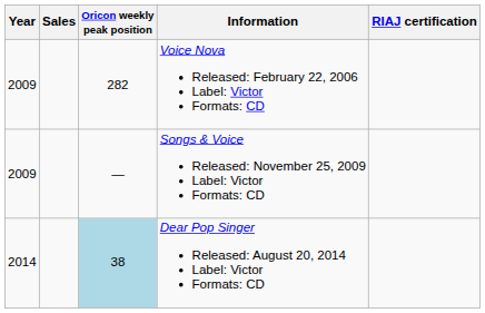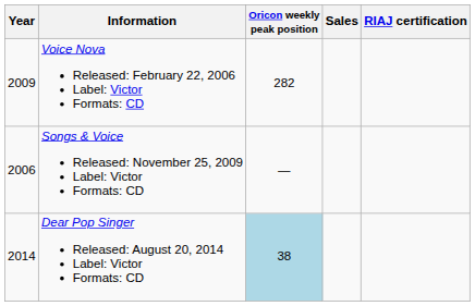 <table class="wikitable">
 <tr>
 <th>Year</th>
+<th>Information</th>
+<th><small><a href='#'>Oricon</a> weekly<br>peak position</small></th>
 <th>Sales<br></th>
-<th><small><a href='#'>Oricon</a> weekly<br>peak position</small></th>
-<th>Information</th>
 <th><a href='#'>RIAJ</a> certification</th>
 </tr>
 <tr>
 <td>2009</td>
+<td><em><a href='#'>Voice Nova</a></em><br><ul><li>Released: February 22, 2006</li><li>Label: <a href='#'>Victor</a></li><li>Formats: <a href='#'>CD</a></li></ul></td>
+<td style="text-align:center;">282</td>
 <td align="left"></td>
-<td style="text-align:center;">282</td>
-<td><em><a href='#'>Voice Nova</a></em><br><ul><li>Released: February 22, 2006</li><li>Label: <a href='#'>Victor</a></li><li>Formats: <a href='#'>CD</a></li></ul></td>
 <td align="left"></td>
 </tr>
 <tr>
-<td>2009</td>
+<td>2006</td>
+<td><em><a href='#'>Songs & Voice</a></em><br><ul><li>Released: November 25, 2009</li><li>Label: Victor</li><li>Formats: CD</li></ul></td>
+<td style="text-align:center;">—</td>
 <td align="left"></td>
-<td style="text-align:center;">—</td>
-<td><em><a href='#'>Songs & Voice</a></em><br><ul><li>Released: November 25, 2009</li><li>Label: Victor</li><li>Formats: CD</li></ul></td>
 <td align="left"></td>
 </tr>
 <tr>
 <td>2014</td>
+<td><em><a href='#'>Dear Pop Singer</a></em><br><ul><li>Released: August 20, 2014</li><li>Label: Victor</li><li>Formats: CD</li></ul></td>
+<td style="background: lightblue; text-align:center;">38</td>
 <td align="left"></td>
-<td style="background: lightblue; text-align:center;">38</td>
-<td><em><a href='#'>Dear Pop Singer</a></em><br><ul><li>Released: August 20, 2014</li><li>Label: Victor</li><li>Formats: CD</li></ul></td>
 <td align="left"></td>
 </tr>
 </table>
